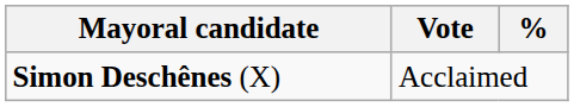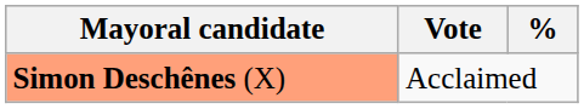 <table class="wikitable">
 <tr>
 <th bgcolor="#DDDDFF" width="200px">Mayoral candidate</th>
 <th bgcolor="#DDDDFF" width="50px">Vote</th>
 <th bgcolor="#DDDDFF"  width="30px">%</th>
 </tr>
 <tr>
-<td><strong>Simon Deschênes</strong> (X)</td>
+<td style="background: lightsalmon;"><strong>Simon Deschênes</strong> (X)</td>
 <td colspan="2">Acclaimed</td>
 </tr>
 </table>
